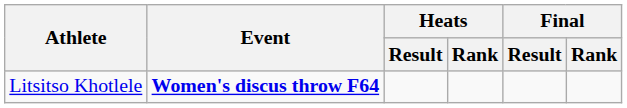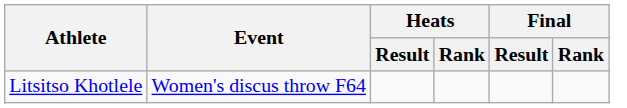 <table class=wikitable style="font-size:90%">
 <tr>
 <th rowspan="2">Athlete</th>
 <th rowspan="2">Event</th>
 <th colspan="2">Heats</th>
 <th colspan="2">Final</th>
 </tr>
 <tr>
 <th>Result</th>
 <th>Rank</th>
 <th>Result</th>
 <th>Rank</th>
 </tr>
 <tr align=center>
 <td align=left><a href='#'>Litsitso Khotlele</a></td>
-<td align=left><strong><a href='#'>Women's discus throw F64</a></strong></td>
+<td align=left><a href='#'>Women's discus throw F64</a></td>
 <td></td>
 <td></td>
 <td></td>
 <td></td>
 </tr>
 </table>
